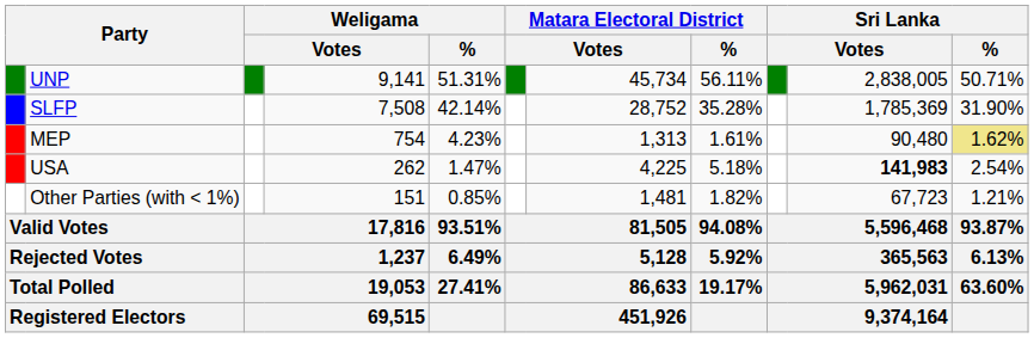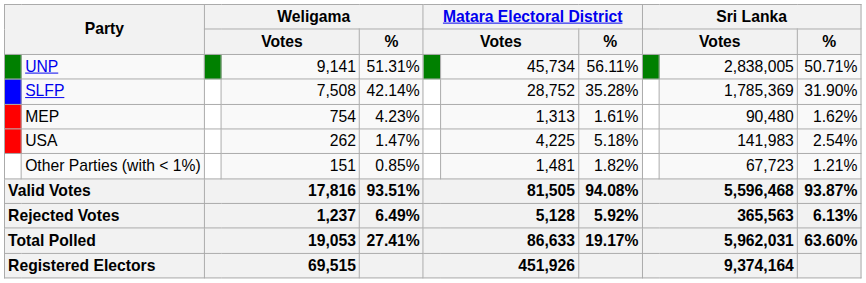 <table class="wikitable">
 <tr>
 <th colspan="2" width="144px"rowspan="2">Party</th>
 <th colspan="3" width="216px">Weligama</th>
 <th colspan="3" width="216px"><a href='#'>Matara Electoral District</a></th>
 <th colspan="3" width="216px">Sri Lanka</th>
 </tr>
 <tr>
 <th colspan="2" width="144px">Votes</th>
 <th>%</th>
 <th colspan="2" width="144px">Votes</th>
 <th>%</th>
 <th colspan="2" width="144px">Votes</th>
 <th>%</th>
 </tr>
 <tr>
 <td style="background-color:green;" width="10px"></td>
 <td style="text-align:left;"><a href='#'>UNP</a></td>
 <td style="background-color:green;" width="10px"></td>
 <td style="text-align:right;">9,141</td>
 <td style="text-align:right;">51.31%</td>
 <td style="background-color:green;" width="10px"></td>
 <td style="text-align:right;">45,734</td>
 <td style="text-align:right;">56.11%</td>
 <td style="background-color:green;" width="10px"></td>
 <td style="text-align:right;">2,838,005</td>
 <td style="text-align:right;">50.71%</td>
 </tr>
 <tr>
 <td style="background-color:blue;" width="10px"></td>
 <td style="text-align:left;"><a href='#'>SLFP</a></td>
 <td style="background-color:white;" width="10px"></td>
 <td style="text-align:right;">7,508</td>
 <td style="text-align:right;">42.14%</td>
 <td style="background-color:white;" width="10px"></td>
 <td style="text-align:right;">28,752</td>
 <td style="text-align:right;">35.28%</td>
 <td style="background-color:white;" width="10px"></td>
 <td style="text-align:right;">1,785,369</td>
 <td style="text-align:right;">31.90%</td>
 </tr>
 <tr>
 <td style="background-color:red;" width="10px"></td>
 <td style="text-align:left;">MEP</td>
 <td style="background-color:white;" width="10px"></td>
 <td style="text-align:right;">754</td>
 <td style="text-align:right;">4.23%</td>
 <td style="background-color:white;" width="10px"></td>
 <td style="text-align:right;">1,313</td>
 <td style="text-align:right;">1.61%</td>
 <td style="background-color:white;" width="10px"></td>
 <td style="text-align:right;">90,480</td>
-<td style="background: khaki; text-align:right;">1.62%</td>
+<td style="text-align:right;">1.62%</td>
 </tr>
 <tr>
 <td style="background-color:red;" width="10px"></td>
 <td style="text-align:left;">USA</td>
 <td style="background-color:white;" width="10px"></td>
 <td style="text-align:right;">262</td>
 <td style="text-align:right;">1.47%</td>
 <td style="background-color:white;" width="10px"></td>
 <td style="text-align:right;">4,225</td>
 <td style="text-align:right;">5.18%</td>
 <td style="background-color:white;" width="10px"></td>
-<td style="text-align:right;"><strong>141,983</strong></td>
+<td style="text-align:right;">141,983</td>
 <td style="text-align:right;">2.54%</td>
 </tr>
 <tr>
 <td style="background-color:white;" width="10px"></td>
 <td style="text-align:left;">Other Parties (with < 1%)</td>
 <td style="background-color:white;" width="10px"></td>
 <td style="text-align:right;">151</td>
 <td style="text-align:right;">0.85%</td>
 <td style="background-color:white;" width="10px"></td>
 <td style="text-align:right;">1,481</td>
 <td style="text-align:right;">1.82%</td>
 <td style="background-color:white;" width="10px"></td>
 <td style="text-align:right;">67,723</td>
 <td style="text-align:right;">1.21%</td>
 </tr>
 <tr>
 <th colspan="2" width="144px"style="text-align:left;">Valid Votes</th>
 <th style="text-align:right;"colspan="2" width="144px">17,816</th>
 <th style="text-align:right;">93.51%</th>
 <th style="text-align:right;"colspan="2" width="144px">81,505</th>
 <th style="text-align:right;">94.08%</th>
 <th style="text-align:right;"colspan="2" width="144px">5,596,468</th>
 <th style="text-align:right;">93.87%</th>
 </tr>
 <tr>
 <th colspan="2" width="144px"style="text-align:left;">Rejected Votes</th>
 <th style="text-align:right;"colspan="2" width="144px">1,237</th>
 <th style="text-align:right;">6.49%</th>
 <th style="text-align:right;"colspan="2" width="144px">5,128</th>
 <th style="text-align:right;">5.92%</th>
 <th style="text-align:right;"colspan="2" width="144px">365,563</th>
 <th style="text-align:right;">6.13%</th>
 </tr>
 <tr>
 <th colspan="2" width="144px"style="text-align:left;">Total Polled</th>
 <th style="text-align:right;"colspan="2" width="144px">19,053</th>
 <th style="text-align:right;">27.41%</th>
 <th style="text-align:right;"colspan="2" width="144px">86,633</th>
 <th style="text-align:right;">19.17%</th>
 <th style="text-align:right;"colspan="2" width="144px">5,962,031</th>
 <th style="text-align:right;">63.60%</th>
 </tr>
 <tr>
 <th colspan="2" width="144px"style="text-align:left;">Registered Electors</th>
 <th style="text-align:right;"colspan="2" width="144px">69,515</th>
 <th></th>
 <th style="text-align:right;"colspan="2" width="144px">451,926</th>
 <th></th>
 <th style="text-align:right;"colspan="2" width="144px">9,374,164</th>
 <th></th>
 </tr>
 </table>
